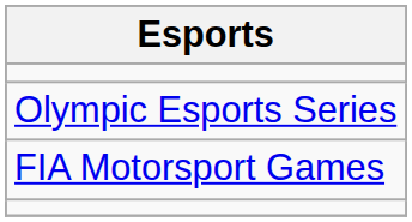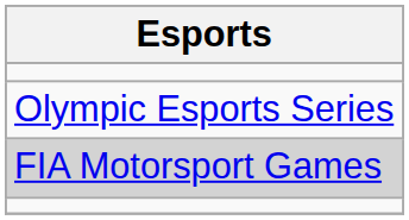 <table class="wikitable">
 <tr>
 <th>Esports</th>
 </tr>
 <tr>
 <td></td>
 </tr>
 <tr>
 <td><a href='#'>Olympic Esports Series</a></td>
 </tr>
 <tr>
-<td><a href='#'>FIA Motorsport Games</a></td>
+<td style="background: lightgrey;"><a href='#'>FIA Motorsport Games</a></td>
 </tr>
 <tr>
 <td></td>
 </tr>
 <tr>
 </tr>
 </table>
